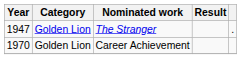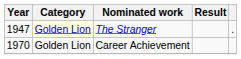 <table class="wikitable">
 <tr>
 <th>Year</th>
 <th>Category</th>
 <th>Nominated work</th>
 <th>Result</th>
 <th></th>
 </tr>
 <tr>
 <td>1947</td>
-<td><a href='#'>Golden Lion</a></td>
+<td style="background: lightyellow;"><a href='#'>Golden Lion</a></td>
 <td><em><a href='#'>The Stranger</a></em></td>
 <td></td>
 <td>.</td>
 </tr>
 <tr>
 <td>1970</td>
 <td>Golden Lion</td>
 <td>Career Achievement</td>
 <td></td>
 <td></td>
 </tr>
 <tr>
 </tr>
 </table>
